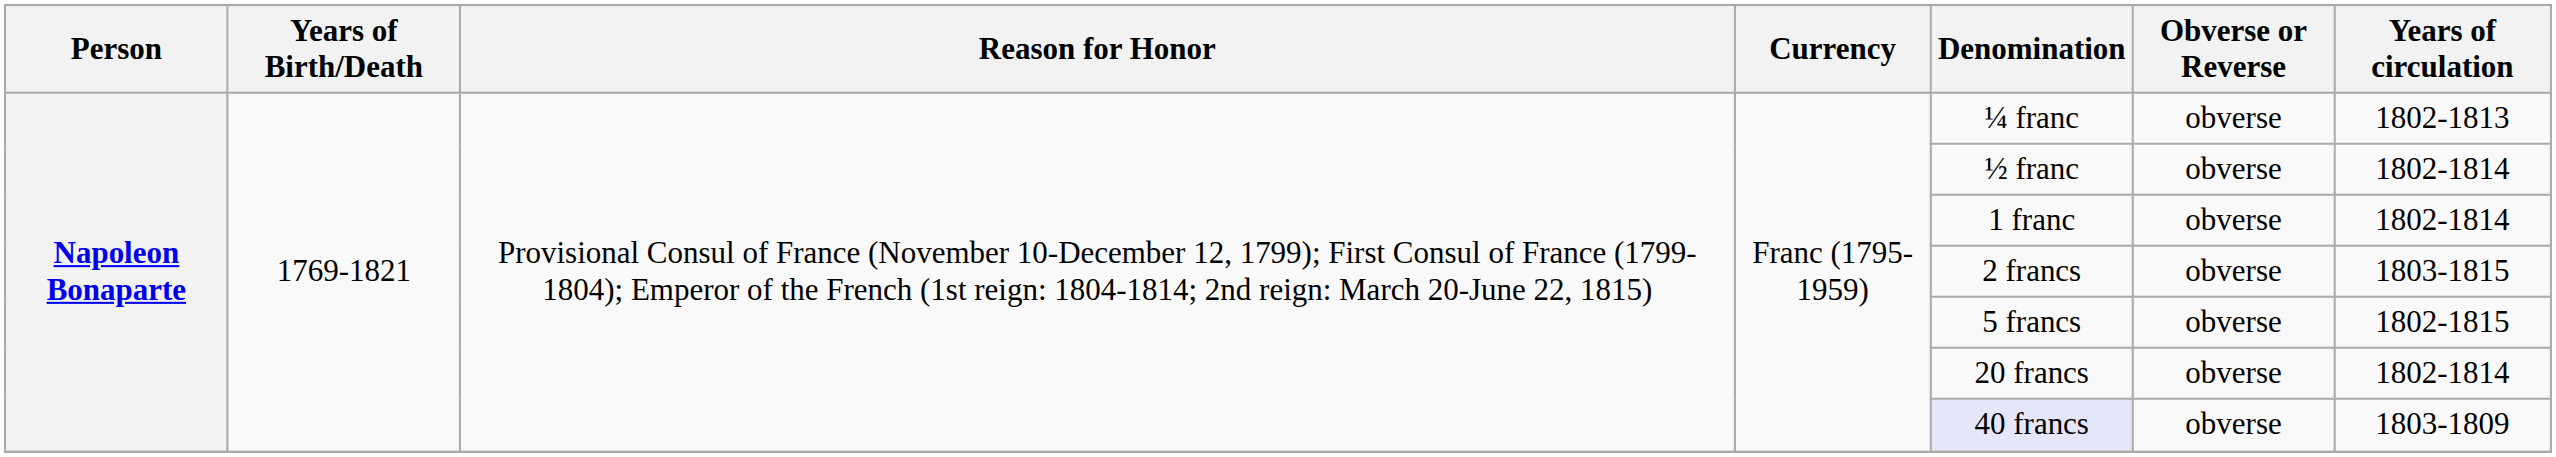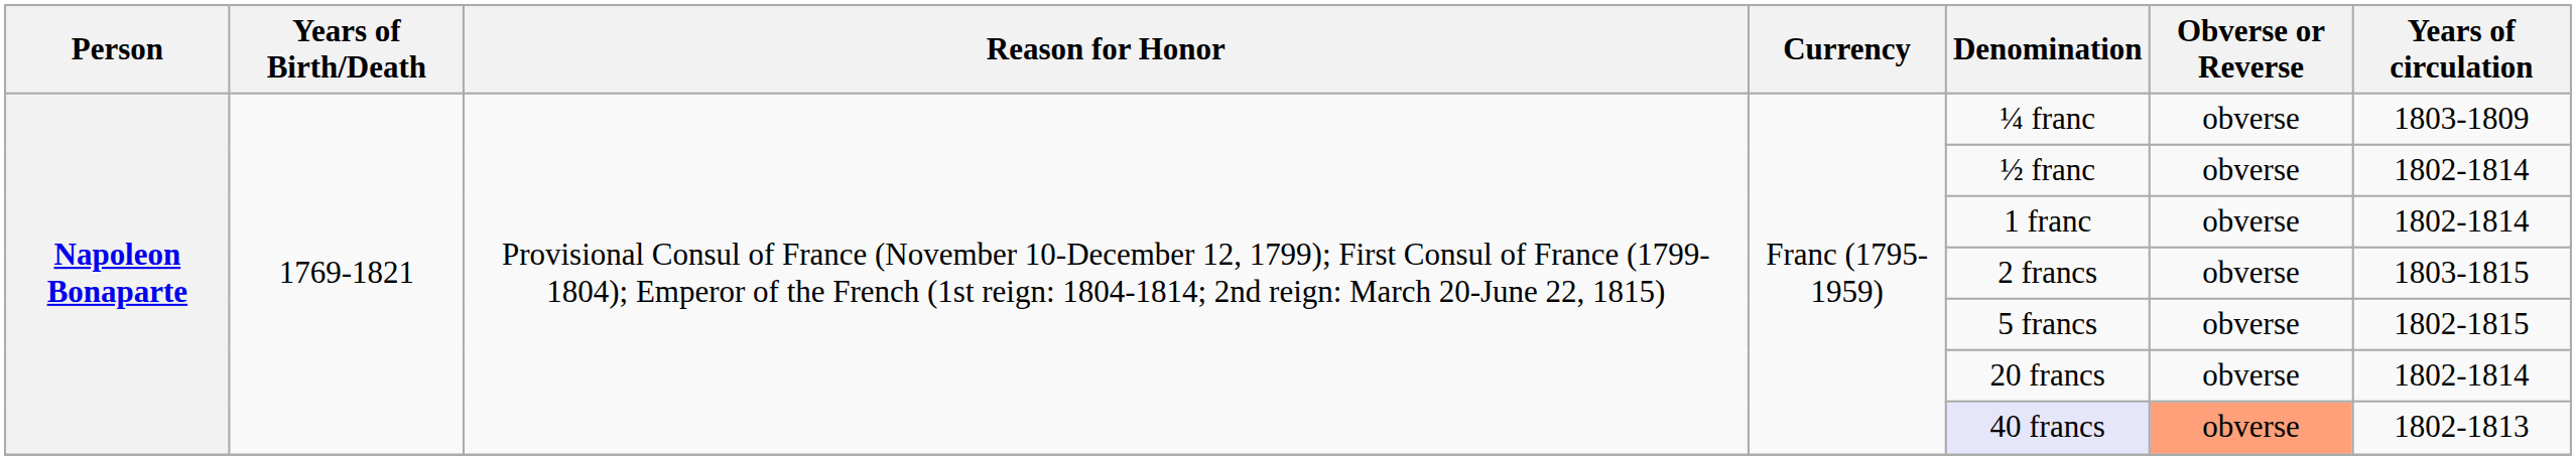 <table class="wikitable" style="font-size:95%; text-align:center;">
 <tr>
 <th>Person</th>
 <th>Years of Birth/Death</th>
 <th>Reason for Honor</th>
 <th>Currency</th>
 <th>Denomination</th>
 <th>Obverse or Reverse</th>
 <th>Years of circulation</th>
 </tr>
 <tr>
 <th rowspan="7"><a href='#'>Napoleon Bonaparte</a></th>
 <td rowspan="7">1769-1821</td>
 <td rowspan="7">Provisional Consul of France (November 10-December 12, 1799); First Consul of France (1799-1804); Emperor of the French (1st reign: 1804-1814; 2nd reign: March 20-June 22, 1815)</td>
 <td rowspan="7">Franc (1795-1959)</td>
 <td>¼ franc</td>
 <td>obverse</td>
-<td>1802-1813</td>
+<td>1803-1809</td>
 </tr>
 <tr>
 <td>½ franc</td>
 <td>obverse</td>
 <td>1802-1814</td>
 </tr>
 <tr>
 <td>1 franc</td>
 <td>obverse</td>
 <td>1802-1814</td>
 </tr>
 <tr>
 <td>2 francs</td>
 <td>obverse</td>
 <td>1803-1815</td>
 </tr>
 <tr>
 <td>5 francs</td>
 <td>obverse</td>
 <td>1802-1815</td>
 </tr>
 <tr>
 <td>20 francs</td>
 <td>obverse</td>
 <td>1802-1814</td>
 </tr>
 <tr>
 <td style="background: lavender;">40 francs</td>
-<td>obverse</td>
-<td>1803-1809</td>
+<td style="background: lightsalmon;">obverse</td>
+<td>1802-1813</td>
 </tr>
 <tr>
 </tr>
 </table>
